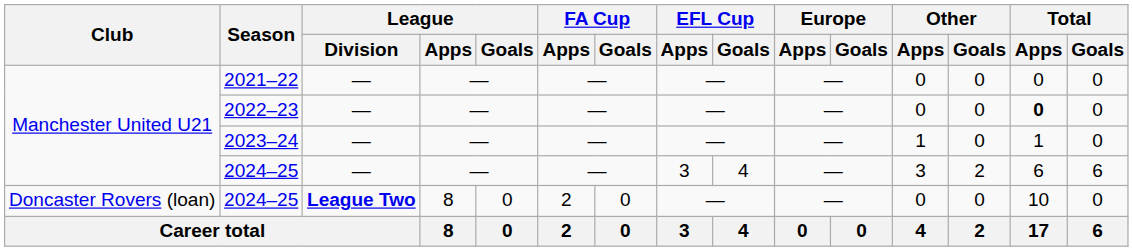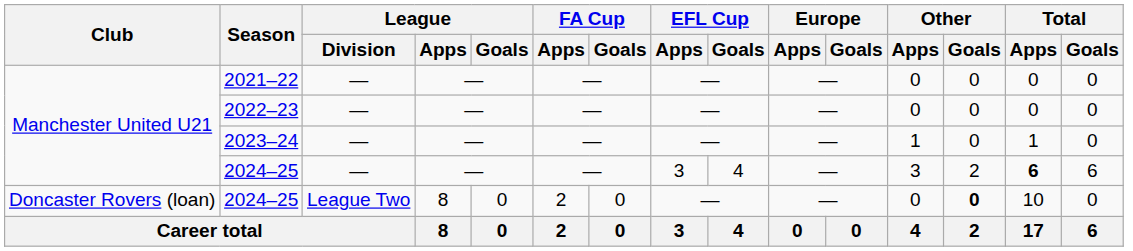 <table class=wikitable style=text-align:center>
 <tr>
 <th rowspan=2>Club</th>
 <th rowspan=2>Season</th>
 <th colspan=3>League</th>
 <th colspan=2><a href='#'>FA Cup</a></th>
 <th colspan=2><a href='#'>EFL Cup</a></th>
 <th colspan=2>Europe</th>
 <th colspan=2>Other</th>
 <th colspan=2>Total</th>
 </tr>
 <tr>
 <th>Division</th>
 <th>Apps</th>
 <th>Goals</th>
 <th>Apps</th>
 <th>Goals</th>
 <th>Apps</th>
 <th>Goals</th>
 <th>Apps</th>
 <th>Goals</th>
 <th>Apps</th>
 <th>Goals</th>
 <th>Apps</th>
 <th>Goals</th>
 </tr>
 <tr>
 <td rowspan="4"><a href='#'>Manchester United U21</a></td>
 <td><a href='#'>2021–22</a></td>
 <td>—</td>
 <td colspan=2>—</td>
 <td colspan=2>—</td>
 <td colspan=2>—</td>
 <td colspan=2>—</td>
 <td>0</td>
 <td>0</td>
 <td>0</td>
 <td>0</td>
 </tr>
 <tr>
 <td><a href='#'>2022–23</a></td>
 <td>—</td>
 <td colspan=2>—</td>
 <td colspan=2>—</td>
 <td colspan=2>—</td>
 <td colspan=2>—</td>
 <td>0</td>
 <td>0</td>
-<td><strong>0</strong></td>
+<td>0</td>
 <td>0</td>
 </tr>
 <tr>
 <td><a href='#'>2023–24</a></td>
 <td>—</td>
 <td colspan=2>—</td>
 <td colspan=2>—</td>
 <td colspan=2>—</td>
 <td colspan=2>—</td>
 <td>1</td>
 <td>0</td>
 <td>1</td>
 <td>0</td>
 </tr>
 <tr>
 <td><a href='#'>2024–25</a></td>
 <td>—</td>
 <td colspan="2">—</td>
 <td colspan="2">—</td>
 <td>3</td>
 <td>4</td>
 <td colspan="2">—</td>
 <td>3</td>
 <td>2</td>
-<td>6</td>
+<td><strong>6</strong></td>
 <td>6</td>
 </tr>
 <tr>
 <td><a href='#'>Doncaster Rovers</a> (loan)</td>
 <td><a href='#'>2024–25</a></td>
-<td><strong><a href='#'>League Two</a></strong></td>
+<td><a href='#'>League Two</a></td>
 <td>8</td>
 <td>0</td>
 <td>2</td>
 <td>0</td>
 <td colspan="2">—</td>
 <td colspan="2">—</td>
 <td>0</td>
-<td>0</td>
+<td><strong>0</strong></td>
 <td>10</td>
 <td>0</td>
 </tr>
 <tr>
 <th colspan="3">Career total</th>
 <th>8</th>
 <th>0</th>
 <th>2</th>
 <th>0</th>
 <th>3</th>
 <th>4</th>
 <th>0</th>
 <th>0</th>
 <th>4</th>
 <th>2</th>
 <th>17</th>
 <th>6</th>
 </tr>
 </table>
